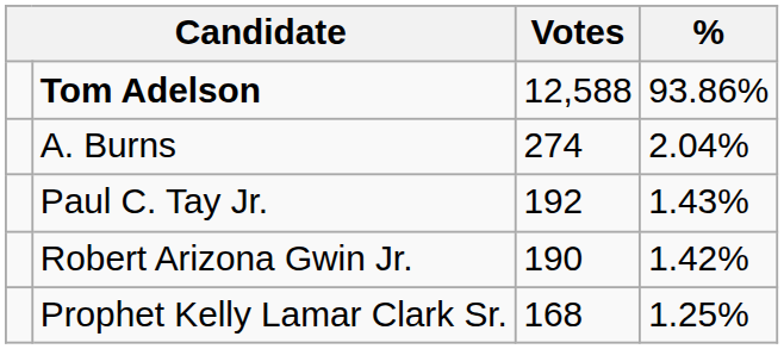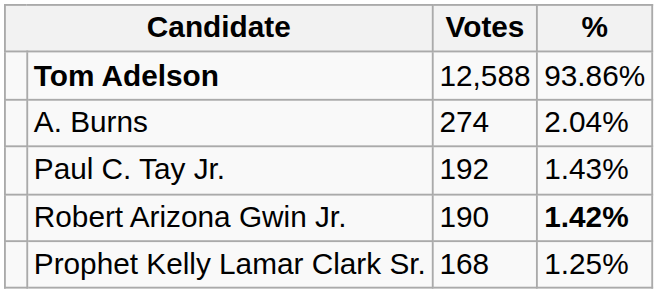 <table class="wikitable">
 <tr>
 <th colspan="2" rowspan="1" align="center" valign="top"><strong>Candidate</strong></th>
 <th valign="top"><strong>Votes</strong></th>
 <th valign="top"><strong>%</strong></th>
 </tr>
 <tr>
 <td style="background-color:"> </td>
 <td><strong>Tom Adelson</strong></td>
 <td>12,588</td>
 <td>93.86%</td>
 </tr>
 <tr>
 <td style="background-color:"> </td>
 <td>A. Burns</td>
 <td>274</td>
 <td>2.04%</td>
 </tr>
 <tr>
 <td style="background-color:"> </td>
 <td>Paul C. Tay Jr.</td>
 <td>192</td>
 <td>1.43%</td>
 </tr>
 <tr>
 <td style="background-color:"> </td>
 <td>Robert Arizona Gwin Jr.</td>
 <td>190</td>
-<td>1.42%</td>
+<td><strong>1.42%</strong></td>
 </tr>
 <tr>
 <td style="background-color:"> </td>
 <td>Prophet Kelly Lamar Clark Sr.</td>
 <td>168</td>
 <td>1.25%</td>
 </tr>
 </table>
